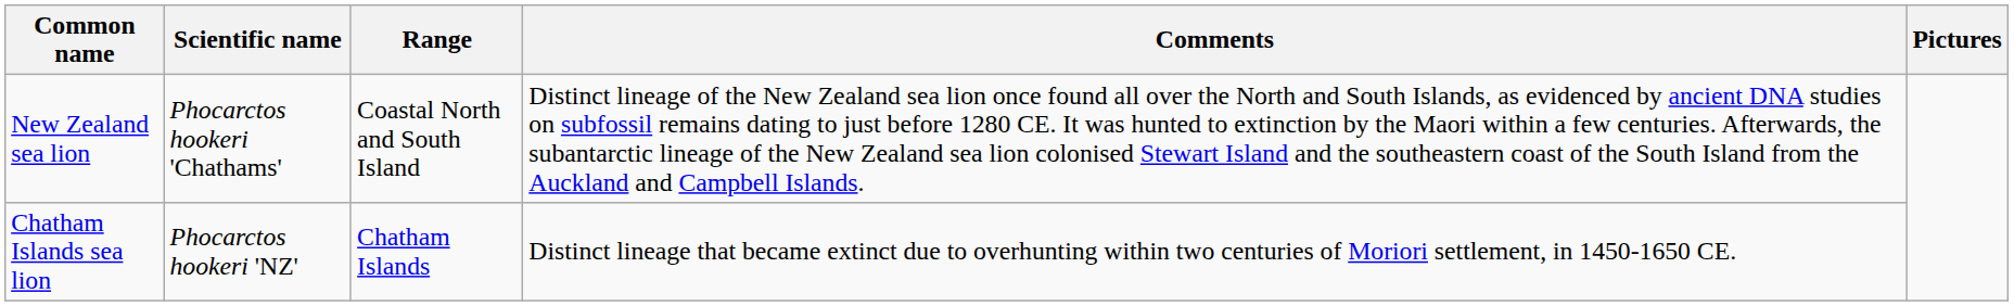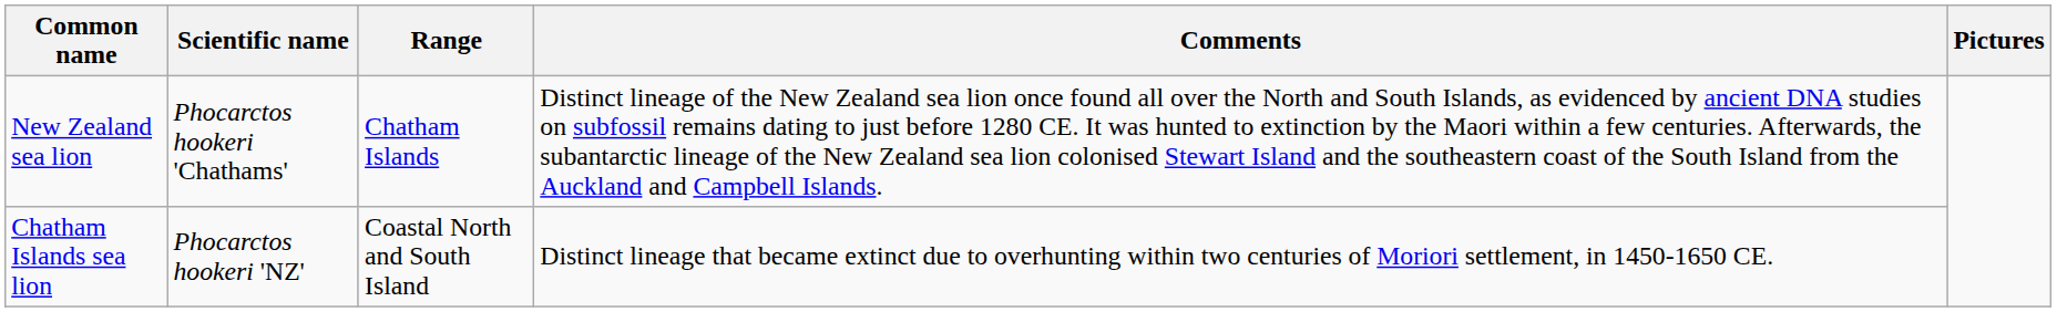 <table class="wikitable">
 <tr>
 <th>Common name</th>
 <th>Scientific name</th>
 <th>Range</th>
 <th class="unsortable">Comments</th>
 <th class="unsortable">Pictures</th>
 </tr>
 <tr>
 <td><a href='#'>New Zealand sea lion</a></td>
 <td><em>Phocarctos hookeri</em> 'Chathams'</td>
-<td>Coastal North and South Island</td>
+<td><a href='#'>Chatham Islands</a></td>
 <td>Distinct lineage of the New Zealand sea lion once found all over the North and South Islands, as evidenced by <a href='#'>ancient DNA</a> studies on <a href='#'>subfossil</a> remains dating to just before 1280 CE. It was hunted to extinction by the Maori within a few centuries. Afterwards, the subantarctic lineage of the New Zealand sea lion colonised <a href='#'>Stewart Island</a> and the southeastern coast of the South Island from the <a href='#'>Auckland</a> and <a href='#'>Campbell Islands</a>.</td>
 <td rowspan="2"></td>
 </tr>
 <tr>
 <td><a href='#'>Chatham Islands sea lion</a></td>
 <td><em>Phocarctos hookeri</em> 'NZ'</td>
-<td><a href='#'>Chatham Islands</a></td>
+<td>Coastal North and South Island</td>
 <td>Distinct lineage that became extinct due to overhunting within two centuries of <a href='#'>Moriori</a> settlement, in 1450-1650 CE.</td>
 </tr>
 </table>
